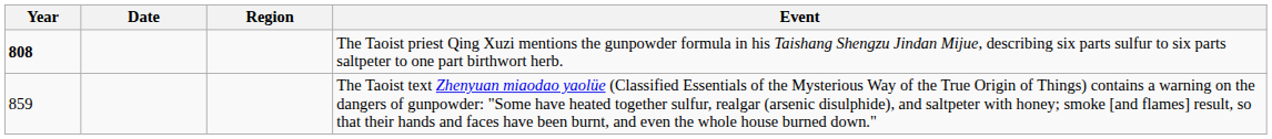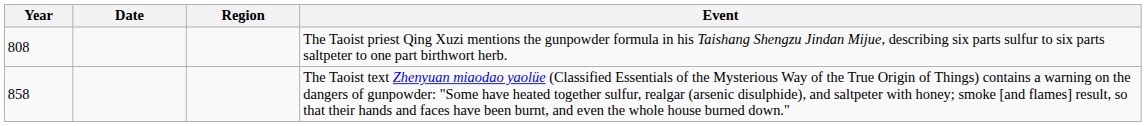 <table class="wikitable" width="100%">
 <tr>
 <th style="width:6%">Year</th>
 <th style="width:10%">Date</th>
 <th style="width:10%">Region</th>
 <th>Event</th>
 </tr>
 <tr>
-<td><strong>808</strong></td>
+<td>808</td>
 <td></td>
 <td></td>
 <td>The Taoist priest Qing Xuzi mentions the gunpowder formula in his <em>Taishang Shengzu Jindan Mijue</em>, describing six parts sulfur to six parts saltpeter to one part birthwort herb.</td>
 </tr>
 <tr>
-<td>859</td>
+<td>858</td>
 <td></td>
 <td></td>
 <td>The Taoist text <em><a href='#'>Zhenyuan miaodao yaolüe</a></em> (Classified Essentials of the Mysterious Way of the True Origin of Things) contains a warning on the dangers of gunpowder: "Some have heated together sulfur, realgar (arsenic disulphide), and saltpeter with honey; smoke [and flames] result, so that their hands and faces have been burnt, and even the whole house burned down."</td>
 </tr>
 </table>
